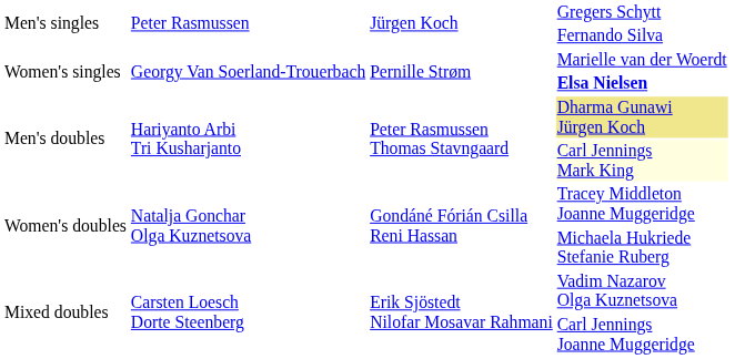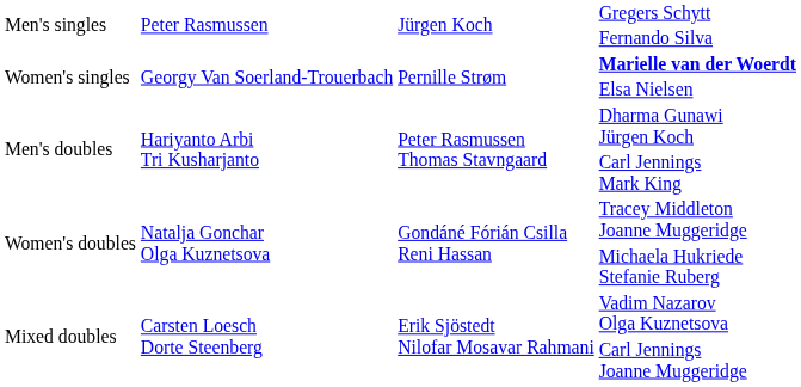 <table>
 <tr>
 <td rowspan="2">Men's singles</td>
 <td rowspan="2"> <a href='#'>Peter Rasmussen</a></td>
 <td rowspan="2"> <a href='#'>Jürgen Koch</a></td>
 <td> <a href='#'>Gregers Schytt</a></td>
 </tr>
 <tr>
 <td> <a href='#'>Fernando Silva</a></td>
 </tr>
 <tr>
 <td rowspan="2">Women's singles</td>
 <td rowspan="2"> <a href='#'>Georgy Van Soerland-Trouerbach</a></td>
 <td rowspan="2"> <a href='#'>Pernille Strøm</a></td>
-<td> <a href='#'>Marielle van der Woerdt</a></td>
+<td><strong> <a href='#'>Marielle van der Woerdt</a></strong></td>
 </tr>
 <tr>
-<td><strong> <a href='#'>Elsa Nielsen</a></strong></td>
+<td> <a href='#'>Elsa Nielsen</a></td>
 </tr>
 <tr>
 <td rowspan="2">Men's doubles</td>
 <td rowspan="2"> <a href='#'>Hariyanto Arbi</a><br> <a href='#'>Tri Kusharjanto</a></td>
 <td rowspan="2"> <a href='#'>Peter Rasmussen</a><br> <a href='#'>Thomas Stavngaard</a></td>
-<td style="background: khaki;"> <a href='#'>Dharma Gunawi</a><br> <a href='#'>Jürgen Koch</a></td>
+<td> <a href='#'>Dharma Gunawi</a><br> <a href='#'>Jürgen Koch</a></td>
 </tr>
 <tr>
-<td style="background: lightyellow;"> <a href='#'>Carl Jennings</a><br> <a href='#'>Mark King</a></td>
+<td> <a href='#'>Carl Jennings</a><br> <a href='#'>Mark King</a></td>
 </tr>
 <tr>
 <td rowspan="2">Women's doubles</td>
 <td rowspan="2"> <a href='#'>Natalja Gonchar</a><br> <a href='#'>Olga Kuznetsova</a></td>
 <td rowspan="2"> <a href='#'>Gondáné Fórián Csilla</a><br> <a href='#'>Reni Hassan</a></td>
 <td> <a href='#'>Tracey Middleton</a><br> <a href='#'>Joanne Muggeridge</a></td>
 </tr>
 <tr>
 <td> <a href='#'>Michaela Hukriede</a><br> <a href='#'>Stefanie Ruberg</a></td>
 </tr>
 <tr>
 <td rowspan="2">Mixed doubles</td>
 <td rowspan="2"> <a href='#'>Carsten Loesch</a><br> <a href='#'>Dorte Steenberg</a></td>
 <td rowspan="2"> <a href='#'>Erik Sjöstedt</a><br> <a href='#'>Nilofar Mosavar Rahmani</a></td>
 <td> <a href='#'>Vadim Nazarov</a><br> <a href='#'>Olga Kuznetsova</a></td>
 </tr>
 <tr>
 <td> <a href='#'>Carl Jennings</a><br> <a href='#'>Joanne Muggeridge</a></td>
 </tr>
 </table>
